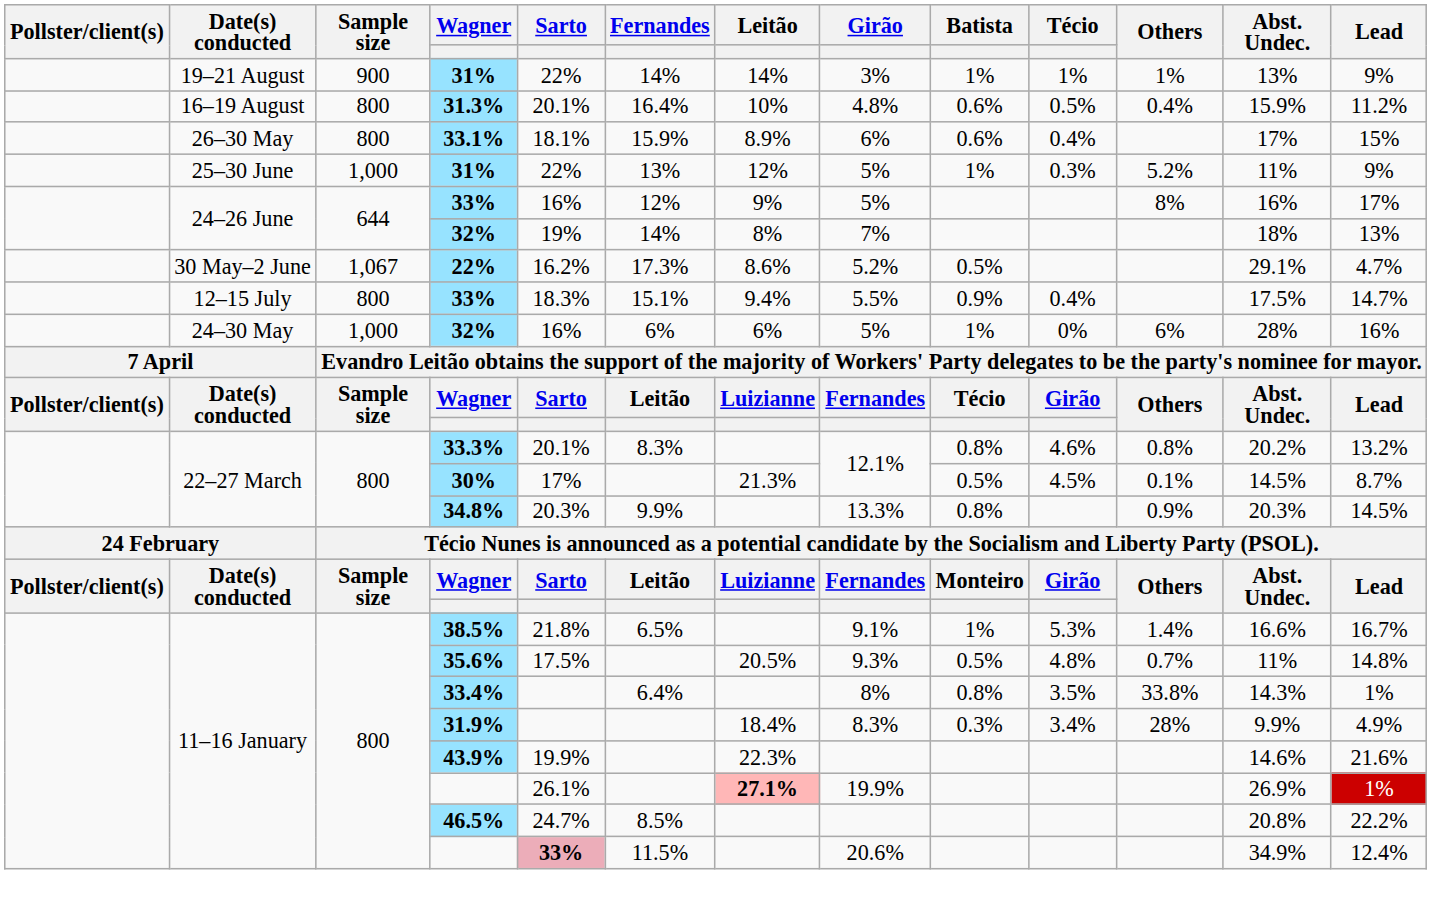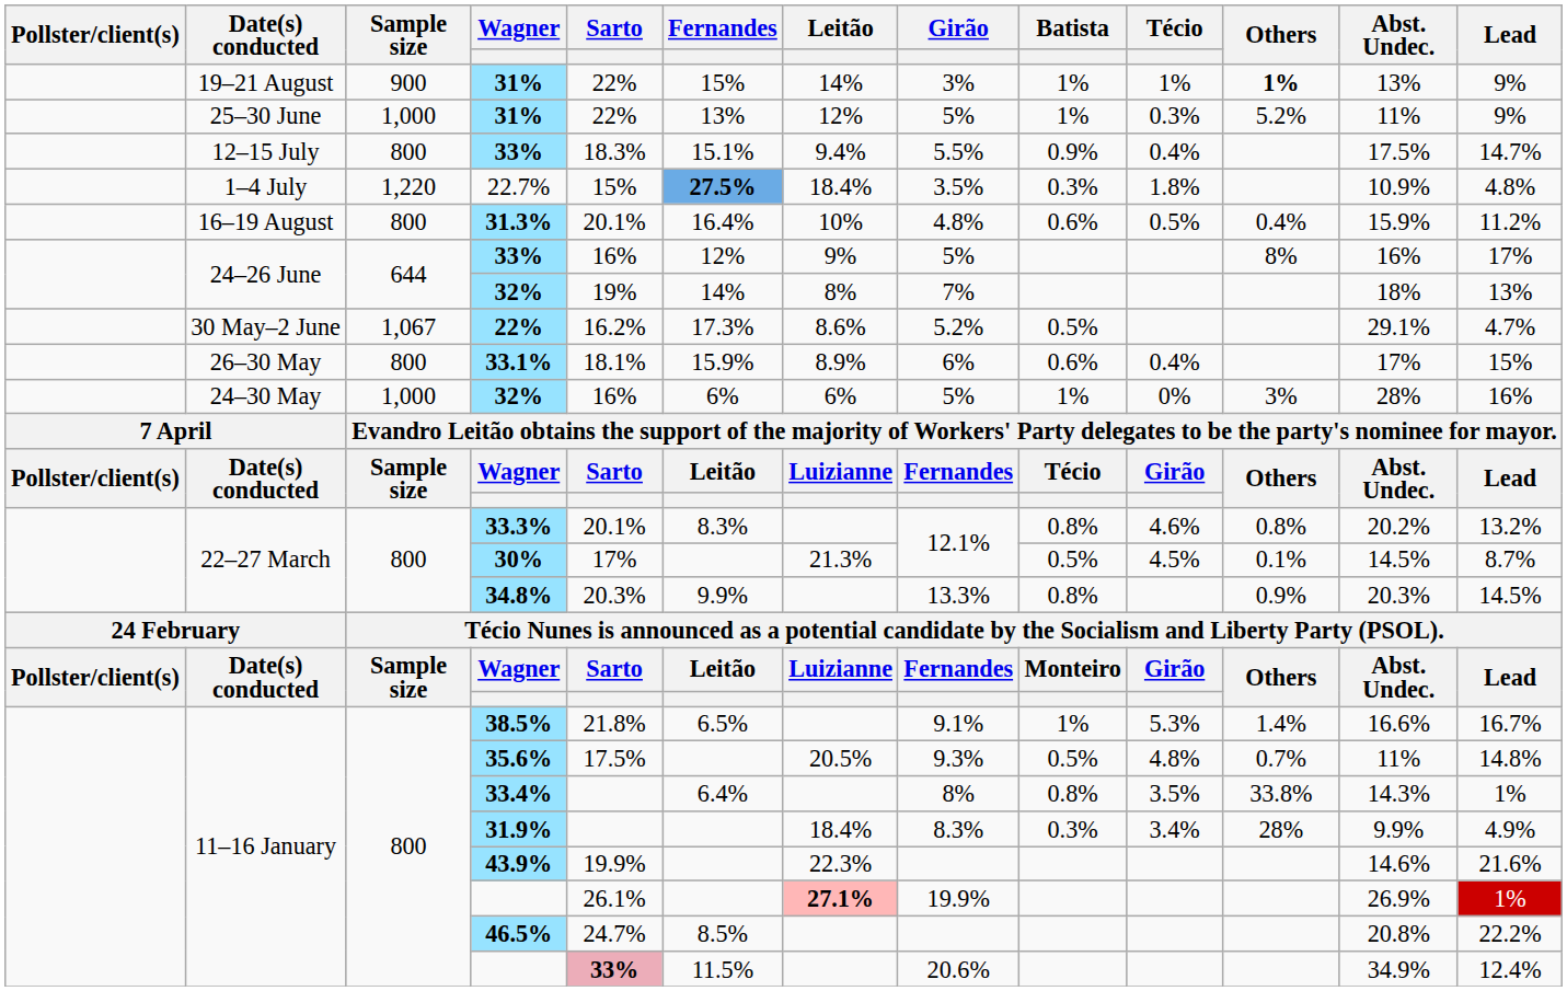 <table class="wikitable" style="text-align:center;font-size:90%;line-height:14px;">
 <tr>
 <th rowspan="2">Pollster/client(s)</th>
 <th rowspan="2">Date(s) <br>conducted</th>
 <th rowspan="2">Sample <br>size</th>
 <th><a href='#'>Wagner</a><br></th>
 <th><a href='#'>Sarto</a><br></th>
 <th><a href='#'>Fernandes</a><br></th>
 <th>Leitão<br></th>
 <th><a href='#'>Girão</a><br></th>
 <th>Batista<br></th>
 <th>Técio<br></th>
 <th rowspan="2">Others</th>
 <th rowspan="2">Abst.<br>Undec.</th>
 <th rowspan="2">Lead</th>
 </tr>
 <tr>
 <th data-sort-type="number" class="sortable" style="background:"></th>
 <th data-sort-type="number" class="sortable" style="background:"></th>
 <th data-sort-type="number" class="sortable" style="background:"></th>
 <th data-sort-type="number" class="sortable" style="background:"></th>
 <th data-sort-type="number" class="sortable" style="background:"></th>
 <th data-sort-type="number" class="sortable" style="background:"></th>
 <th data-sort-type="number" class="sortable" style="background:"></th>
 </tr>
 <tr>
 <td></td>
 <td>19–21 August</td>
 <td>900</td>
 <td style="background:#97e3ff;"><strong>31%</strong></td>
 <td>22%</td>
-<td>14%</td>
+<td>15%</td>
 <td>14%</td>
 <td>3%</td>
 <td>1%</td>
 <td>1%</td>
-<td>1%</td>
+<td><strong>1%</strong></td>
 <td>13%</td>
 <td style="background:">9%</td>
+</tr>
+<tr>
+<td></td>
+<td>25–30 June</td>
+<td>1,000</td>
+<td style="background:#97e3ff;"><strong>31%</strong></td>
+<td>22%</td>
+<td>13%</td>
+<td>12%</td>
+<td>5%</td>
+<td>1%</td>
+<td>0.3%</td>
+<td>5.2%</td>
+<td>11%</td>
+<td style="background:">9%</td>
+</tr>
+<tr>
+<td></td>
+<td>12–15 July</td>
+<td>800</td>
+<td style="background:#97e3ff;"><strong>33%</strong></td>
+<td>18.3%</td>
+<td>15.1%</td>
+<td>9.4%</td>
+<td>5.5%</td>
+<td>0.9%</td>
+<td>0.4%</td>
+<td></td>
+<td>17.5%</td>
+<td style="background:">14.7%</td>
+</tr>
+<tr>
+<td></td>
+<td>1–4 July</td>
+<td>1,220</td>
+<td>22.7%</td>
+<td>15%</td>
+<td style="background:#6aabe5;"><strong>27.5%</strong></td>
+<td>18.4%</td>
+<td>3.5%</td>
+<td>0.3%</td>
+<td>1.8%</td>
+<td></td>
+<td>10.9%</td>
+<td style="background:">4.8%</td>
 </tr>
 <tr>
 <td></td>
 <td>16–19 August</td>
 <td>800</td>
 <td style="background:#97e3ff;"><strong>31.3%</strong></td>
 <td>20.1%</td>
 <td>16.4%</td>
 <td>10%</td>
 <td>4.8%</td>
 <td>0.6%</td>
 <td>0.5%</td>
 <td>0.4%</td>
 <td>15.9%</td>
 <td style="background:">11.2%</td>
-</tr>
-<tr>
-<td></td>
-<td>26–30 May</td>
-<td>800</td>
-<td style="background:#97e3ff;"><strong>33.1%</strong></td>
-<td>18.1%</td>
-<td>15.9%</td>
-<td>8.9%</td>
-<td>6%</td>
-<td>0.6%</td>
-<td>0.4%</td>
-<td></td>
-<td>17%</td>
-<td style="background:">15%</td>
-</tr>
-<tr>
-<td></td>
-<td>25–30 June</td>
-<td>1,000</td>
-<td style="background:#97e3ff;"><strong>31%</strong></td>
-<td>22%</td>
-<td>13%</td>
-<td>12%</td>
-<td>5%</td>
-<td>1%</td>
-<td>0.3%</td>
-<td>5.2%</td>
-<td>11%</td>
-<td style="background:">9%</td>
 </tr>
 <tr>
 <td rowspan="2"></td>
 <td rowspan="2">24–26 June</td>
 <td rowspan="2">644</td>
 <td style="background:#97e3ff;"><strong>33%</strong></td>
 <td>16%</td>
 <td>12%</td>
 <td>9%</td>
 <td>5%</td>
 <td></td>
 <td></td>
 <td>8%</td>
 <td>16%</td>
 <td style="background:">17%</td>
 </tr>
 <tr>
 <td style="background:#97e3ff;"><strong>32%</strong></td>
 <td>19%</td>
 <td>14%</td>
 <td>8%</td>
 <td>7%</td>
 <td></td>
 <td></td>
 <td></td>
 <td>18%</td>
 <td style="background:">13%</td>
 </tr>
 <tr>
 <td></td>
 <td>30 May–2 June</td>
 <td>1,067</td>
 <td style="background:#97e3ff;"><strong>22%</strong></td>
 <td>16.2%</td>
 <td>17.3%</td>
 <td>8.6%</td>
 <td>5.2%</td>
 <td>0.5%</td>
 <td></td>
 <td></td>
 <td>29.1%</td>
 <td style="background:">4.7%</td>
 </tr>
 <tr>
 <td></td>
-<td>12–15 July</td>
+<td>26–30 May</td>
 <td>800</td>
-<td style="background:#97e3ff;"><strong>33%</strong></td>
-<td>18.3%</td>
-<td>15.1%</td>
-<td>9.4%</td>
-<td>5.5%</td>
-<td>0.9%</td>
+<td style="background:#97e3ff;"><strong>33.1%</strong></td>
+<td>18.1%</td>
+<td>15.9%</td>
+<td>8.9%</td>
+<td>6%</td>
+<td>0.6%</td>
 <td>0.4%</td>
 <td></td>
-<td>17.5%</td>
-<td style="background:">14.7%</td>
+<td>17%</td>
+<td style="background:">15%</td>
 </tr>
 <tr>
 <td></td>
 <td>24–30 May</td>
 <td>1,000</td>
 <td style="background:#97e3ff;"><strong>32%</strong></td>
 <td>16%</td>
 <td>6%</td>
 <td>6%</td>
 <td>5%</td>
 <td>1%</td>
 <td>0%</td>
-<td>6%</td>
+<td>3%</td>
 <td>28%</td>
 <td style="background:">16%</td>
 </tr>
 <tr>
 <th colspan="2">7 April</th>
 <th colspan="11">Evandro Leitão obtains the support of the majority of Workers' Party delegates to be the party's nominee for mayor.</th>
 </tr>
 <tr>
 <th rowspan="2">Pollster/client(s)</th>
 <th rowspan="2">Date(s) <br>conducted</th>
 <th rowspan="2">Sample <br>size</th>
 <th><a href='#'>Wagner</a><br></th>
 <th><a href='#'>Sarto</a><br></th>
 <th>Leitão<br></th>
 <th><a href='#'>Luizianne</a><br></th>
 <th><a href='#'>Fernandes</a><br></th>
 <th>Técio<br></th>
 <th><a href='#'>Girão</a><br></th>
 <th rowspan="2">Others</th>
 <th rowspan="2">Abst.<br>Undec.</th>
 <th rowspan="2">Lead</th>
 </tr>
 <tr>
 <th data-sort-type="number" class="sortable" style="background:"></th>
 <th data-sort-type="number" class="sortable" style="background:"></th>
 <th data-sort-type="number" class="sortable" style="background:"></th>
 <th data-sort-type="number" class="sortable" style="background:"></th>
 <th data-sort-type="number" class="sortable" style="background:"></th>
 <th data-sort-type="number" class="sortable" style="background:"></th>
 <th data-sort-type="number" class="sortable" style="background:"></th>
 </tr>
 <tr>
 <td rowspan="3"></td>
 <td rowspan="3">22–27 March</td>
 <td rowspan="3">800</td>
 <td style="background:#97e3ff;"><strong>33.3%</strong></td>
 <td>20.1%</td>
 <td>8.3%</td>
 <td></td>
 <td rowspan="2">12.1%</td>
 <td>0.8%</td>
 <td>4.6%</td>
 <td>0.8%</td>
 <td>20.2%</td>
 <td style="background:">13.2%</td>
 </tr>
 <tr>
 <td style="background:#97e3ff;"><strong>30%</strong></td>
 <td>17%</td>
 <td></td>
 <td>21.3%</td>
 <td>0.5%</td>
 <td>4.5%</td>
 <td>0.1%</td>
 <td>14.5%</td>
 <td style="background:">8.7%</td>
 </tr>
 <tr>
 <td style="background:#97e3ff;"><strong>34.8%</strong></td>
 <td>20.3%</td>
 <td>9.9%</td>
 <td></td>
 <td>13.3%</td>
 <td>0.8%</td>
 <td></td>
 <td>0.9%</td>
 <td>20.3%</td>
 <td style="background:">14.5%</td>
 </tr>
 <tr>
 <th colspan="2">24 February</th>
 <th colspan="11">Técio Nunes is announced as a potential candidate by the Socialism and Liberty Party (PSOL).</th>
 </tr>
 <tr>
 <th rowspan="2">Pollster/client(s)</th>
 <th rowspan="2">Date(s) <br>conducted</th>
 <th rowspan="2">Sample <br>size</th>
 <th class="unsortable" style="width:50px;"><a href='#'>Wagner</a><br></th>
 <th class="unsortable" style="width:50px;"><a href='#'>Sarto</a><br></th>
 <th class="unsortable" style="width:50px;">Leitão<br></th>
 <th class="unsortable" style="width:50px;"><a href='#'>Luizianne</a><br></th>
 <th class="unsortable" style="width:50px;"><a href='#'>Fernandes</a><br></th>
 <th class="unsortable" style="width:50px;">Monteiro<br></th>
 <th class="unsortable" style="width:50px;"><a href='#'>Girão</a><br></th>
 <th rowspan="2">Others</th>
 <th rowspan="2">Abst.<br>Undec.</th>
 <th rowspan="2">Lead</th>
 </tr>
 <tr>
 <th data-sort-type="number" class="sortable" style="background:"></th>
 <th data-sort-type="number" class="sortable" style="background:"></th>
 <th data-sort-type="number" class="sortable" style="background:"></th>
 <th data-sort-type="number" class="sortable" style="background:"></th>
 <th data-sort-type="number" class="sortable" style="background:"></th>
 <th data-sort-type="number" class="sortable" style="background:"></th>
 <th data-sort-type="number" class="sortable" style="background:"></th>
 </tr>
 <tr>
 <td rowspan="8"></td>
 <td rowspan="8">11–16 January</td>
 <td rowspan="8">800</td>
 <td style="background:#97e3ff;"><strong>38.5%</strong></td>
 <td>21.8%</td>
 <td>6.5%</td>
 <td></td>
 <td>9.1%</td>
 <td>1%</td>
 <td>5.3%</td>
 <td>1.4%</td>
 <td>16.6%</td>
 <td style="background:">16.7%</td>
 </tr>
 <tr>
 <td style="background:#97e3ff;"><strong>35.6%</strong></td>
 <td>17.5%</td>
 <td></td>
 <td>20.5%</td>
 <td>9.3%</td>
 <td>0.5%</td>
 <td>4.8%</td>
 <td>0.7%</td>
 <td>11%</td>
 <td style="background:">14.8%</td>
 </tr>
 <tr>
 <td style="background:#97e3ff;"><strong>33.4%</strong></td>
 <td></td>
 <td>6.4%</td>
 <td></td>
 <td>8%</td>
 <td>0.8%</td>
 <td>3.5%</td>
 <td>33.8%</td>
 <td>14.3%</td>
 <td style="background:">1%</td>
 </tr>
 <tr>
 <td style="background:#97e3ff;"><strong>31.9%</strong></td>
 <td></td>
 <td></td>
 <td>18.4%</td>
 <td>8.3%</td>
 <td>0.3%</td>
 <td>3.4%</td>
 <td>28%</td>
 <td>9.9%</td>
 <td style="background:">4.9%</td>
 </tr>
 <tr>
 <td style="background:#97e3ff;"><strong>43.9%</strong></td>
 <td>19.9%</td>
 <td></td>
 <td>22.3%</td>
 <td></td>
 <td></td>
 <td></td>
 <td></td>
 <td>14.6%</td>
 <td style="background:">21.6%</td>
 </tr>
 <tr>
 <td></td>
 <td>26.1%</td>
 <td></td>
 <td style="background:#ffb7b7;"><strong>27.1%</strong></td>
 <td>19.9%</td>
 <td></td>
 <td></td>
 <td></td>
 <td>26.9%</td>
 <td style="background:#CC0000;color:#FFFFFF;">1%</td>
 </tr>
 <tr>
 <td style="background:#97e3ff;"><strong>46.5%</strong></td>
 <td>24.7%</td>
 <td>8.5%</td>
 <td></td>
 <td></td>
 <td></td>
 <td></td>
 <td></td>
 <td>20.8%</td>
 <td style="background:">22.2%</td>
 </tr>
 <tr>
 <td></td>
 <td style="background:#ecadb9;"><strong>33%</strong></td>
 <td>11.5%</td>
 <td></td>
 <td>20.6%</td>
 <td></td>
 <td></td>
 <td></td>
 <td>34.9%</td>
 <td style="background:">12.4%</td>
 </tr>
 </table>
